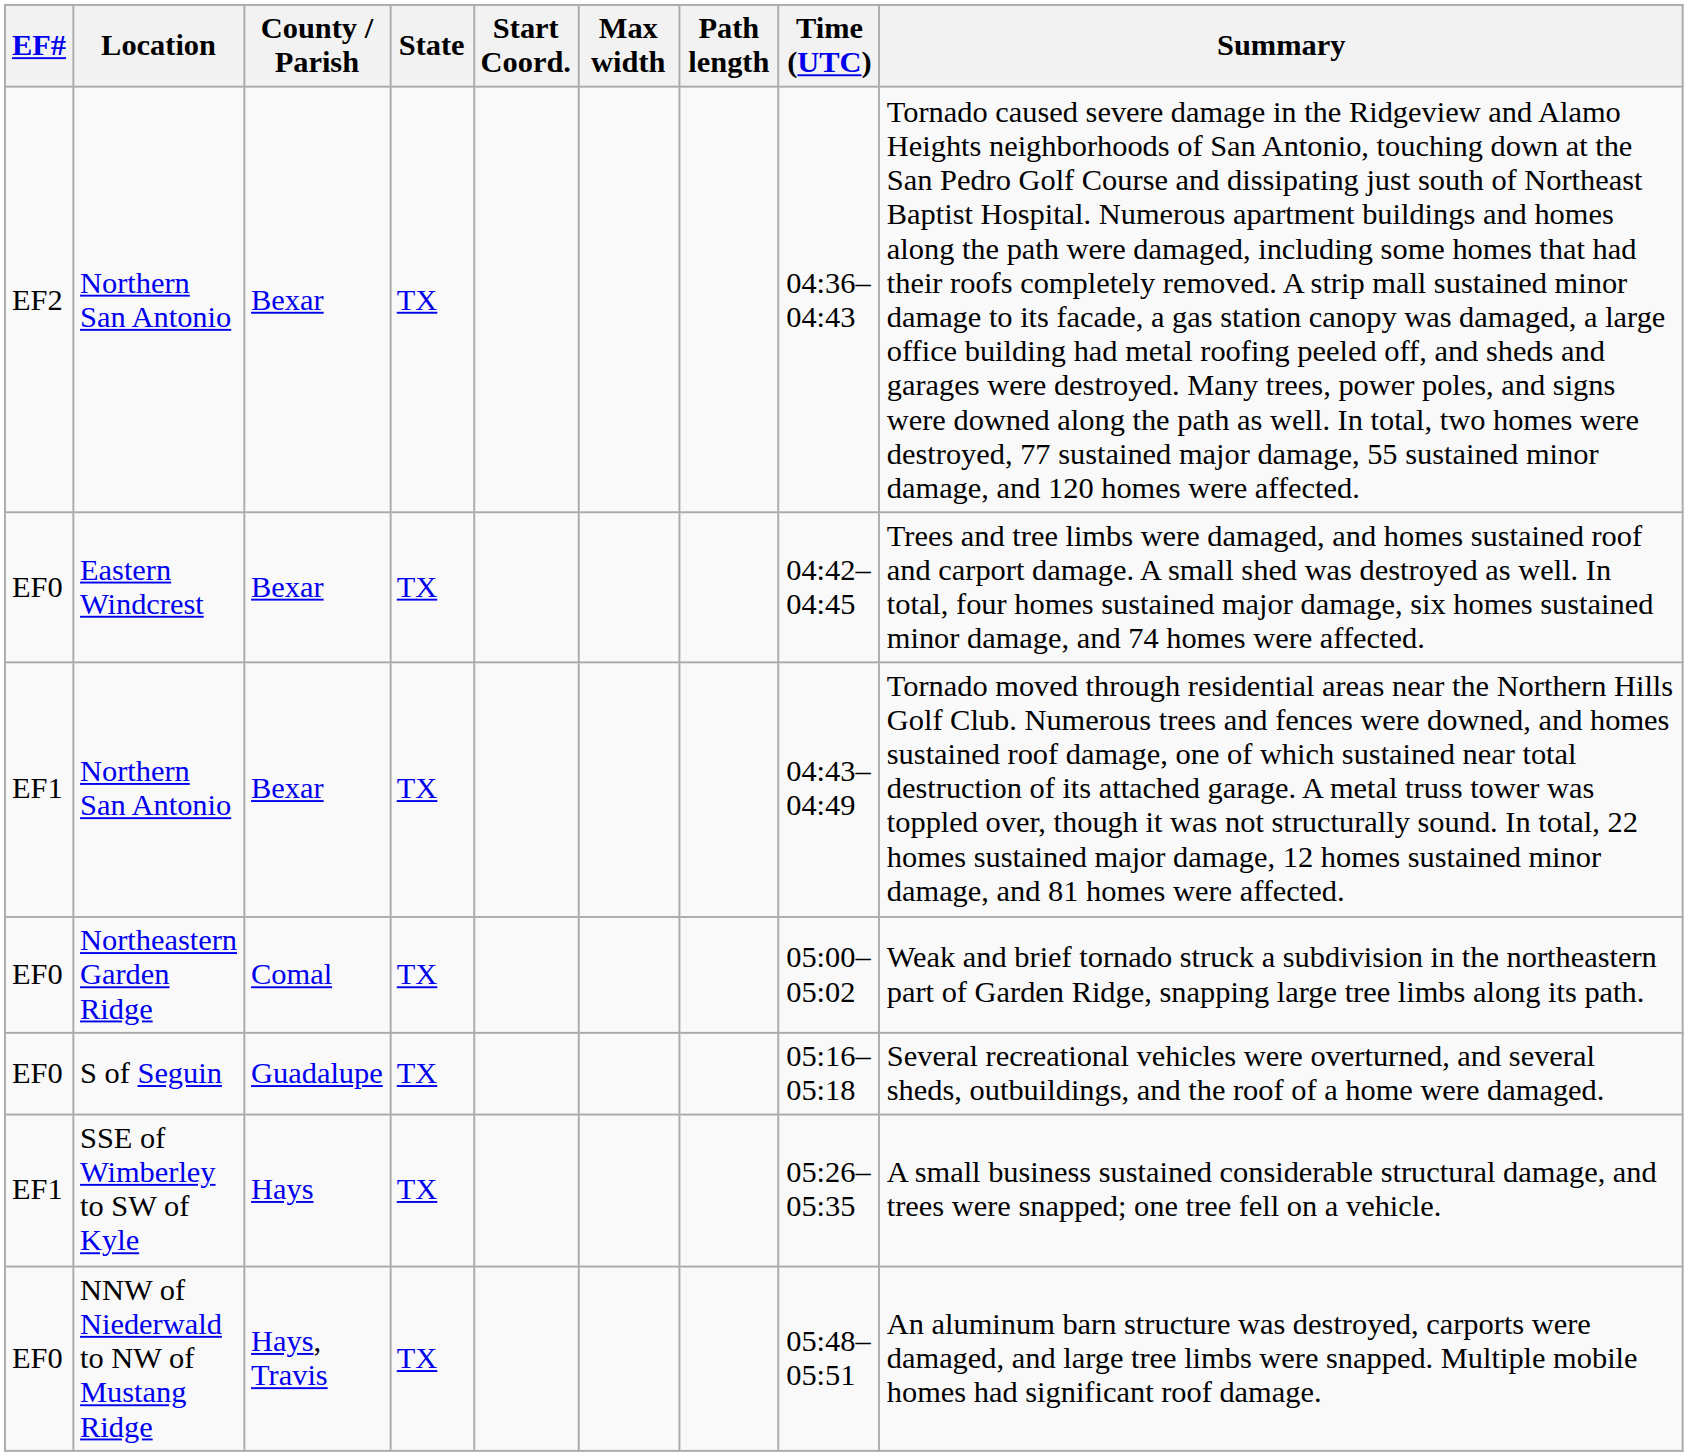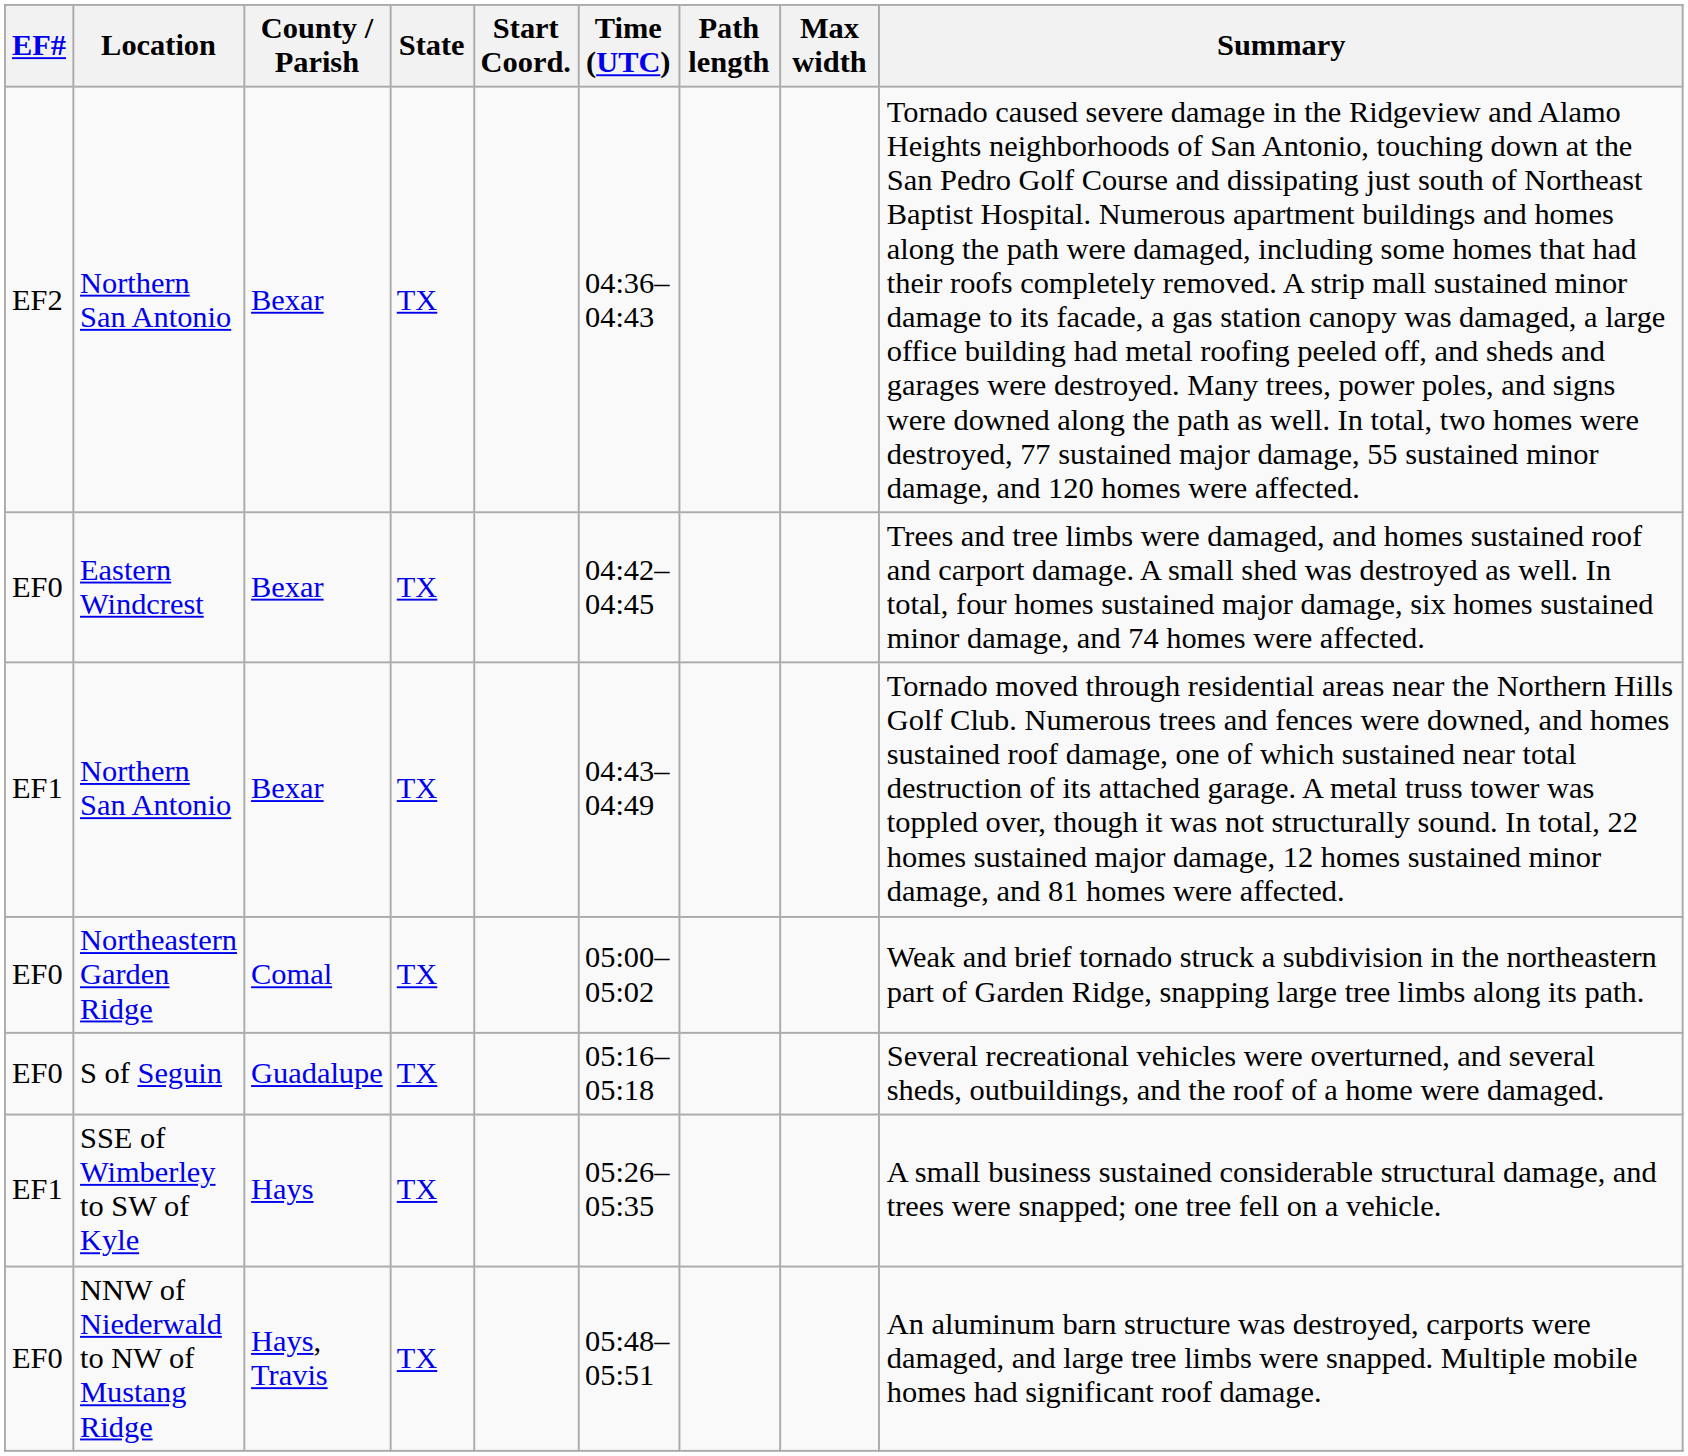 <table class="wikitable sortable" style="width:100%;">
 <tr>
 <th scope="col" style="width:3%; text-align:center;"><a href='#'>EF#</a></th>
 <th scope="col" style="width:7%; text-align:center;" class="unsortable">Location</th>
 <th scope="col" style="width:6%; text-align:center;" class="unsortable">County / Parish</th>
 <th scope="col" style="width:5%; text-align:center;">State</th>
 <th scope="col" style="width:6%; text-align:center;">Start Coord.</th>
+<th scope="col" style="width:6%; text-align:center;">Time (<a href='#'>UTC</a>)</th>
+<th scope="col" style="width:6%; text-align:center;">Path length</th>
 <th scope="col" style="width:6%; text-align:center;">Max width</th>
-<th scope="col" style="width:6%; text-align:center;">Path length</th>
-<th scope="col" style="width:6%; text-align:center;">Time (<a href='#'>UTC</a>)</th>
 <th scope="col" class="unsortable" style="width:48%; text-align:center;">Summary</th>
 </tr>
 <tr>
 <td>EF2</td>
 <td><a href='#'>Northern San Antonio</a></td>
 <td><a href='#'>Bexar</a></td>
 <td><a href='#'>TX</a></td>
 <td></td>
+<td>04:36–04:43</td>
 <td></td>
 <td></td>
-<td>04:36–04:43</td>
 <td>Tornado caused severe damage in the Ridgeview and Alamo Heights neighborhoods of San Antonio, touching down at the San Pedro Golf Course and dissipating just south of Northeast Baptist Hospital. Numerous apartment buildings and homes along the path were damaged, including some homes that had their roofs completely removed. A strip mall sustained minor damage to its facade, a gas station canopy was damaged, a large office building had metal roofing peeled off, and sheds and garages were destroyed. Many trees, power poles, and signs were downed along the path as well. In total, two homes were destroyed, 77 sustained major damage, 55 sustained minor damage, and 120 homes were affected.</td>
 </tr>
 <tr>
 <td>EF0</td>
 <td><a href='#'>Eastern Windcrest</a></td>
 <td><a href='#'>Bexar</a></td>
 <td><a href='#'>TX</a></td>
 <td></td>
+<td>04:42–04:45</td>
 <td></td>
 <td></td>
-<td>04:42–04:45</td>
 <td>Trees and tree limbs were damaged, and homes sustained roof and carport damage. A small shed was destroyed as well. In total, four homes sustained major damage, six homes sustained minor damage, and 74 homes were affected.</td>
 </tr>
 <tr>
 <td>EF1</td>
 <td><a href='#'>Northern San Antonio</a></td>
 <td><a href='#'>Bexar</a></td>
 <td><a href='#'>TX</a></td>
 <td></td>
+<td>04:43–04:49</td>
 <td></td>
 <td></td>
-<td>04:43–04:49</td>
 <td>Tornado moved through residential areas near the Northern Hills Golf Club. Numerous trees and fences were downed, and homes sustained roof damage, one of which sustained near total destruction of its attached garage. A metal truss tower was toppled over, though it was not structurally sound. In total, 22 homes sustained major damage, 12 homes sustained minor damage, and 81 homes were affected.</td>
 </tr>
 <tr>
 <td>EF0</td>
 <td><a href='#'>Northeastern Garden Ridge</a></td>
 <td><a href='#'>Comal</a></td>
 <td><a href='#'>TX</a></td>
 <td></td>
+<td>05:00–05:02</td>
 <td></td>
 <td></td>
-<td>05:00–05:02</td>
 <td>Weak and brief tornado struck a subdivision in the northeastern part of Garden Ridge, snapping large tree limbs along its path.</td>
 </tr>
 <tr>
 <td>EF0</td>
 <td>S of <a href='#'>Seguin</a></td>
 <td><a href='#'>Guadalupe</a></td>
 <td><a href='#'>TX</a></td>
 <td></td>
+<td>05:16–05:18</td>
 <td></td>
 <td></td>
-<td>05:16–05:18</td>
 <td>Several recreational vehicles were overturned, and several sheds, outbuildings, and the roof of a home were damaged.</td>
 </tr>
 <tr>
 <td>EF1</td>
 <td>SSE of <a href='#'>Wimberley</a> to SW of <a href='#'>Kyle</a></td>
 <td><a href='#'>Hays</a></td>
 <td><a href='#'>TX</a></td>
 <td></td>
+<td>05:26–05:35</td>
 <td></td>
 <td></td>
-<td>05:26–05:35</td>
 <td>A small business sustained considerable structural damage, and trees were snapped; one tree fell on a vehicle.</td>
 </tr>
 <tr>
 <td>EF0</td>
 <td>NNW of <a href='#'>Niederwald</a> to NW of <a href='#'>Mustang Ridge</a></td>
 <td><a href='#'>Hays</a>, <a href='#'>Travis</a></td>
 <td><a href='#'>TX</a></td>
 <td></td>
+<td>05:48–05:51</td>
 <td></td>
 <td></td>
-<td>05:48–05:51</td>
 <td>An aluminum barn structure was destroyed, carports were damaged, and large tree limbs were snapped. Multiple mobile homes had significant roof damage.</td>
 </tr>
 </table>
